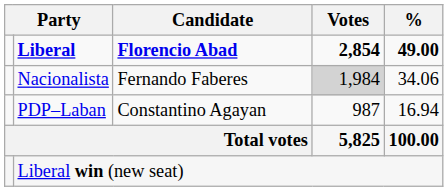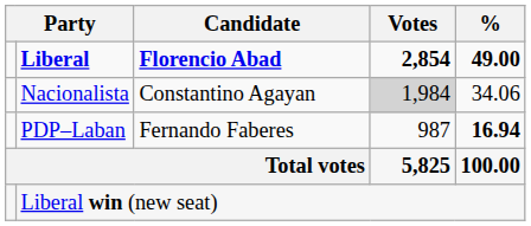 <table class="wikitable" style="font-size:90%; text-align:right;">
 <tr>
 <th colspan="2" style="width:75px;">Party</th>
 <th style="width:150px;">Candidate</th>
 <th style="width:50px;">Votes</th>
 <th style="width:10px;">%</th>
 </tr>
 <tr>
 <td style="background:"></td>
 <td style="text-align:left;"><strong><a href='#'>Liberal</a></strong></td>
 <td style="text-align:left;"><strong><a href='#'>Florencio Abad</a></strong></td>
 <td><strong>2,854</strong></td>
 <td><strong>49.00</strong></td>
 </tr>
 <tr>
 <td style="background:"></td>
 <td style="text-align:left;"><a href='#'>Nacionalista</a></td>
-<td style="text-align:left;">Fernando Faberes</td>
+<td style="text-align:left;">Constantino Agayan</td>
 <td style="background: lightgrey;">1,984</td>
 <td>34.06</td>
 </tr>
 <tr>
 <td style="background:"></td>
 <td style="text-align:left;"><a href='#'>PDP–Laban</a></td>
-<td style="text-align:left;">Constantino Agayan</td>
+<td style="text-align:left;">Fernando Faberes</td>
 <td>987</td>
-<td>16.94</td>
+<td><strong>16.94</strong></td>
 </tr>
 <tr style="background-color:#F6F6F6">
 <th colspan="3" style="text-align:right;">Total votes</th>
 <td><strong>5,825</strong></td>
 <td><strong>100.00</strong></td>
 </tr>
 <tr style="background-color:#F6F6F6">
 <td style="background:"></td>
 <td colspan="4" style="text-align:left;"><a href='#'>Liberal</a> <strong>win</strong> (new seat)</td>
 </tr>
 </table>
